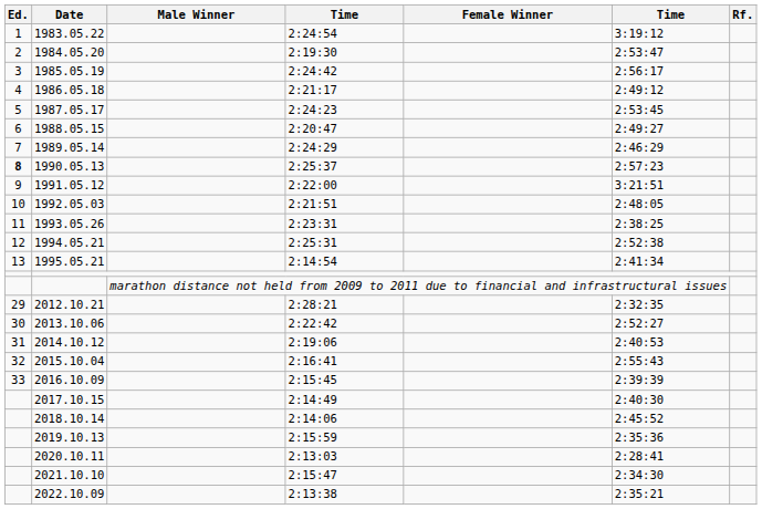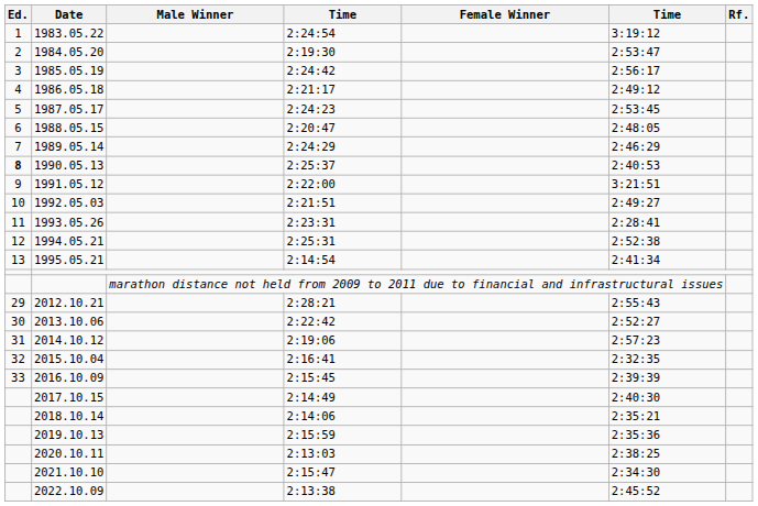 <table class="wikitable sortable">
 <tr>
 <th class="unsortable">Ed.</th>
 <th>Date</th>
 <th>Male Winner</th>
 <th>Time</th>
 <th>Female Winner</th>
 <th>Time</th>
 <th class="unsortable">Rf.</th>
 </tr>
 <tr>
 <td align="center">1</td>
 <td>1983.05.22</td>
 <td></td>
 <td>2:24:54</td>
 <td></td>
 <td>3:19:12</td>
 <td></td>
 </tr>
 <tr>
 <td align="center">2</td>
 <td>1984.05.20</td>
 <td></td>
 <td>2:19:30</td>
 <td></td>
 <td>2:53:47</td>
 <td></td>
 </tr>
 <tr>
 <td align="center">3</td>
 <td>1985.05.19</td>
 <td> </td>
 <td>2:24:42</td>
 <td></td>
 <td>2:56:17</td>
 <td></td>
 </tr>
 <tr>
 <td align="center">4</td>
 <td>1986.05.18</td>
 <td> </td>
 <td>2:21:17</td>
 <td> </td>
 <td>2:49:12</td>
 <td></td>
 </tr>
 <tr>
 <td align="center">5</td>
 <td>1987.05.17</td>
 <td> </td>
 <td>2:24:23</td>
 <td></td>
 <td>2:53:45</td>
 <td></td>
 </tr>
 <tr>
 <td align="center">6</td>
 <td>1988.05.15</td>
 <td> </td>
 <td>2:20:47</td>
 <td>  </td>
-<td>2:49:27</td>
+<td>2:48:05</td>
 <td></td>
 </tr>
 <tr>
 <td align="center">7</td>
 <td>1989.05.14</td>
 <td> </td>
 <td>2:24:29</td>
 <td></td>
 <td>2:46:29</td>
 <td></td>
 </tr>
 <tr>
 <td align="center"><strong>8</strong></td>
 <td>1990.05.13</td>
 <td>  </td>
 <td>2:25:37</td>
 <td> </td>
-<td>2:57:23</td>
+<td>2:40:53</td>
 <td></td>
 </tr>
 <tr>
 <td align="center">9</td>
 <td>1991.05.12</td>
 <td> </td>
 <td>2:22:00</td>
 <td></td>
 <td>3:21:51</td>
 <td></td>
 </tr>
 <tr>
 <td align="center">10</td>
 <td>1992.05.03</td>
 <td></td>
 <td>2:21:51</td>
 <td></td>
-<td>2:48:05</td>
+<td>2:49:27</td>
 <td></td>
 </tr>
 <tr>
 <td align="center">11</td>
 <td>1993.05.26</td>
 <td></td>
 <td>2:23:31</td>
 <td></td>
-<td>2:38:25</td>
+<td>2:28:41</td>
 <td></td>
 </tr>
 <tr>
 <td align="center">12</td>
 <td>1994.05.21</td>
 <td></td>
 <td>2:25:31</td>
 <td></td>
 <td>2:52:38</td>
 <td></td>
 </tr>
 <tr>
 <td align="center">13</td>
 <td>1995.05.21</td>
 <td></td>
 <td>2:14:54</td>
 <td></td>
 <td>2:41:34</td>
 <td></td>
 </tr>
 <tr>
 <td></td>
 </tr>
 <tr>
 <td></td>
 <td></td>
 <td colspan="4" align="center" data-sort-value=""><em>marathon distance not held from 2009 to 2011 due to financial and infrastructural issues</em></td>
 <td></td>
 </tr>
 <tr>
 <td align="center">29</td>
 <td>2012.10.21</td>
 <td></td>
 <td>2:28:21</td>
 <td></td>
-<td>2:32:35 </td>
+<td>2:55:43</td>
 <td></td>
 </tr>
 <tr>
 <td align="center">30</td>
 <td>2013.10.06</td>
 <td> </td>
 <td>2:22:42 </td>
 <td> </td>
 <td>2:52:27 </td>
 <td><br></td>
 </tr>
 <tr>
 <td align="center">31</td>
 <td>2014.10.12</td>
 <td> </td>
 <td>2:19:06</td>
 <td> </td>
-<td>2:40:53</td>
+<td>2:57:23</td>
 <td></td>
 </tr>
 <tr>
 <td align="center">32</td>
 <td>2015.10.04</td>
 <td> </td>
 <td>2:16:41 </td>
 <td></td>
-<td>2:55:43</td>
+<td>2:32:35 </td>
 <td></td>
 </tr>
 <tr>
 <td align="center">33</td>
 <td>2016.10.09</td>
 <td> </td>
 <td>2:15:45 </td>
 <td> </td>
 <td>2:39:39 </td>
 <td></td>
 </tr>
 <tr>
 <td align="center"></td>
 <td>2017.10.15</td>
 <td> </td>
 <td>2:14:49 </td>
 <td></td>
 <td>2:40:30 </td>
 <td></td>
 </tr>
 <tr>
 <td align="center"></td>
 <td>2018.10.14</td>
 <td> </td>
 <td>2:14:06</td>
 <td></td>
-<td>2:45:52</td>
+<td>2:35:21</td>
 <td></td>
 </tr>
 <tr>
 <td align="center"></td>
 <td>2019.10.13</td>
 <td> </td>
 <td>2:15:59 </td>
 <td> </td>
 <td>2:35:36 </td>
 <td></td>
 </tr>
 <tr>
 <td align="center"></td>
 <td>2020.10.11</td>
 <td></td>
 <td>2:13:03</td>
 <td></td>
-<td>2:28:41</td>
+<td>2:38:25</td>
 <td></td>
 </tr>
 <tr>
 <td align="center"></td>
 <td>2021.10.10</td>
 <td></td>
 <td>2:15:47</td>
 <td></td>
 <td>2:34:30</td>
 <td></td>
 </tr>
 <tr>
 <td align="center"></td>
 <td>2022.10.09</td>
 <td></td>
 <td>2:13:38</td>
 <td></td>
-<td>2:35:21</td>
+<td>2:45:52</td>
 <td></td>
 </tr>
 </table>
